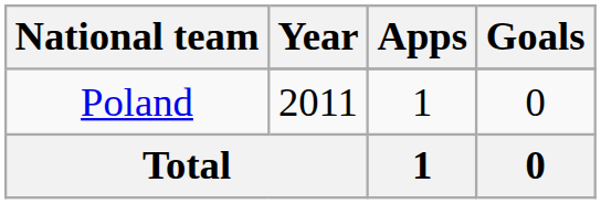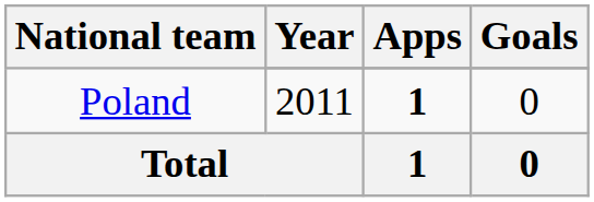 <table class="wikitable" style="text-align:center">
 <tr>
 <th>National team</th>
 <th>Year</th>
 <th>Apps</th>
 <th>Goals</th>
 </tr>
 <tr>
 <td rowspan=2><a href='#'>Poland</a></td>
 </tr>
 <tr>
 <td>2011</td>
-<td>1</td>
+<td><strong>1</strong></td>
 <td>0</td>
 </tr>
 <tr>
 <th colspan="2">Total</th>
 <th>1</th>
 <th>0</th>
 </tr>
 </table>
